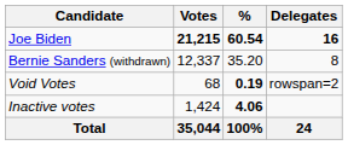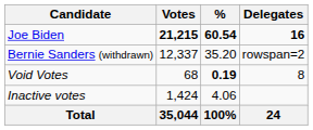 <table class="wikitable sortable" style="text-align:right;">
 <tr>
 <th>Candidate</th>
 <th>Votes</th>
 <th>%</th>
 <th>Delegates</th>
 </tr>
 <tr>
 <td style="text-align:left;" data-sort-value="Biden, Joe"><a href='#'>Joe Biden</a></td>
 <td><strong>21,215</strong></td>
 <td><strong>60.54</strong></td>
 <td><strong>16</strong></td>
 </tr>
 <tr>
 <td style="text-align:left;" data-sort-value="Sanders, Bernie"><a href='#'>Bernie Sanders</a> <small>(withdrawn)</small></td>
 <td>12,337</td>
 <td>35.20</td>
-<td>8</td>
+<td>rowspan=2 </td>
 </tr>
 <tr>
 <td style="text-align:left;" data-sort-value="ZZA"><em>Void Votes</em></td>
 <td>68</td>
 <td><strong>0.19</strong></td>
-<td>rowspan=2 </td>
+<td>8</td>
 </tr>
 <tr>
 <td style="text-align:left;" data-sort-value="ZZB"><em>Inactive votes</em></td>
 <td>1,424</td>
-<td><strong>4.06</strong></td>
+<td>4.06</td>
 </tr>
 <tr>
 <th>Total</th>
 <th>35,044</th>
 <th>100%</th>
 <th>24</th>
 </tr>
 </table>
